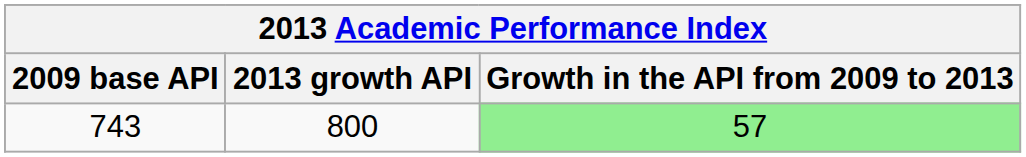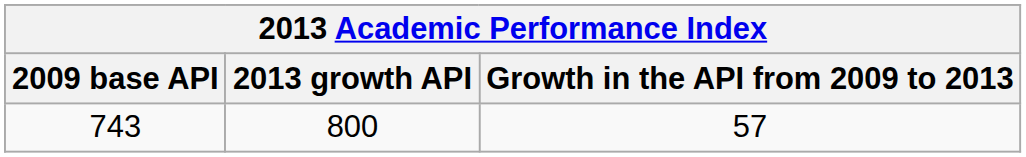 <table class="wikitable" style="text-align:center">
 <tr>
 <th colspan="3">2013 <a href='#'>Academic Performance Index</a></th>
 </tr>
 <tr>
 <th>2009 base API</th>
 <th>2013 growth API</th>
 <th>Growth in the API from 2009 to 2013</th>
 </tr>
 <tr>
 <td>743</td>
 <td>800</td>
-<td style="background: lightgreen;">57</td>
+<td>57</td>
 </tr>
 </table>
